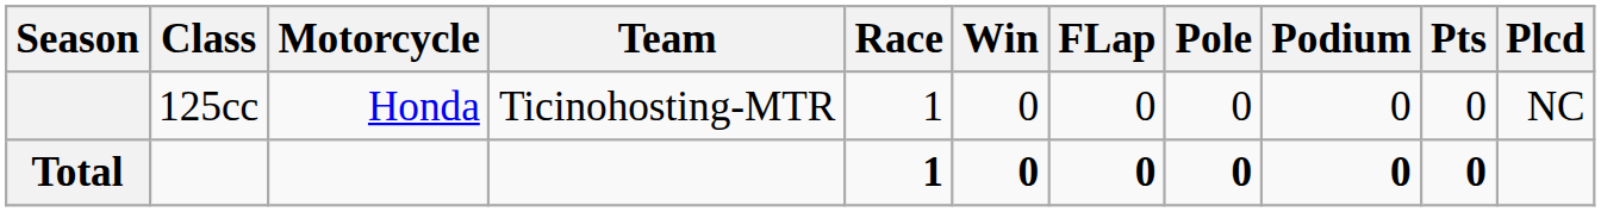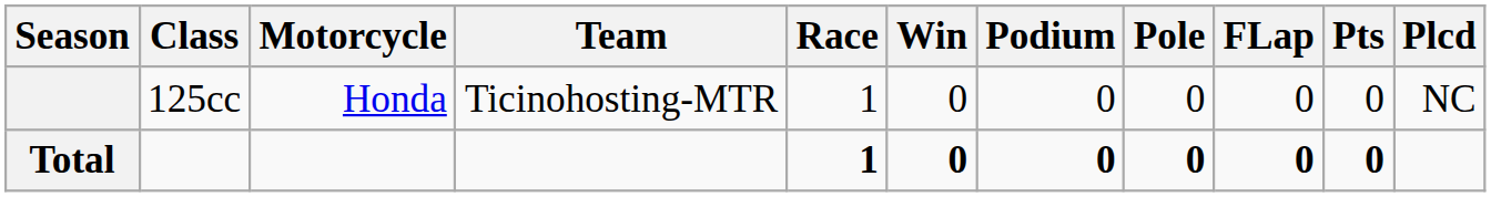 <table class="wikitable" style=text-align:right>
 <tr>
 <th>Season</th>
 <th>Class</th>
 <th>Motorcycle</th>
 <th>Team</th>
 <th>Race</th>
 <th>Win</th>
+<th>Podium</th>
+<th>Pole</th>
 <th>FLap</th>
-<th>Pole</th>
-<th>Podium</th>
 <th>Pts</th>
 <th>Plcd</th>
 </tr>
 <tr>
 <th></th>
 <td>125cc</td>
 <td><a href='#'>Honda</a></td>
 <td>Ticinohosting-MTR</td>
 <td>1</td>
 <td>0</td>
 <td>0</td>
 <td>0</td>
 <td>0</td>
 <td>0</td>
 <td>NC</td>
 </tr>
 <tr>
 <th>Total</th>
 <td></td>
 <td></td>
 <td></td>
 <td><strong>1</strong></td>
 <td><strong>0</strong></td>
 <td><strong>0</strong></td>
 <td><strong>0</strong></td>
 <td><strong>0</strong></td>
 <td><strong>0</strong></td>
 <td></td>
 </tr>
 </table>
